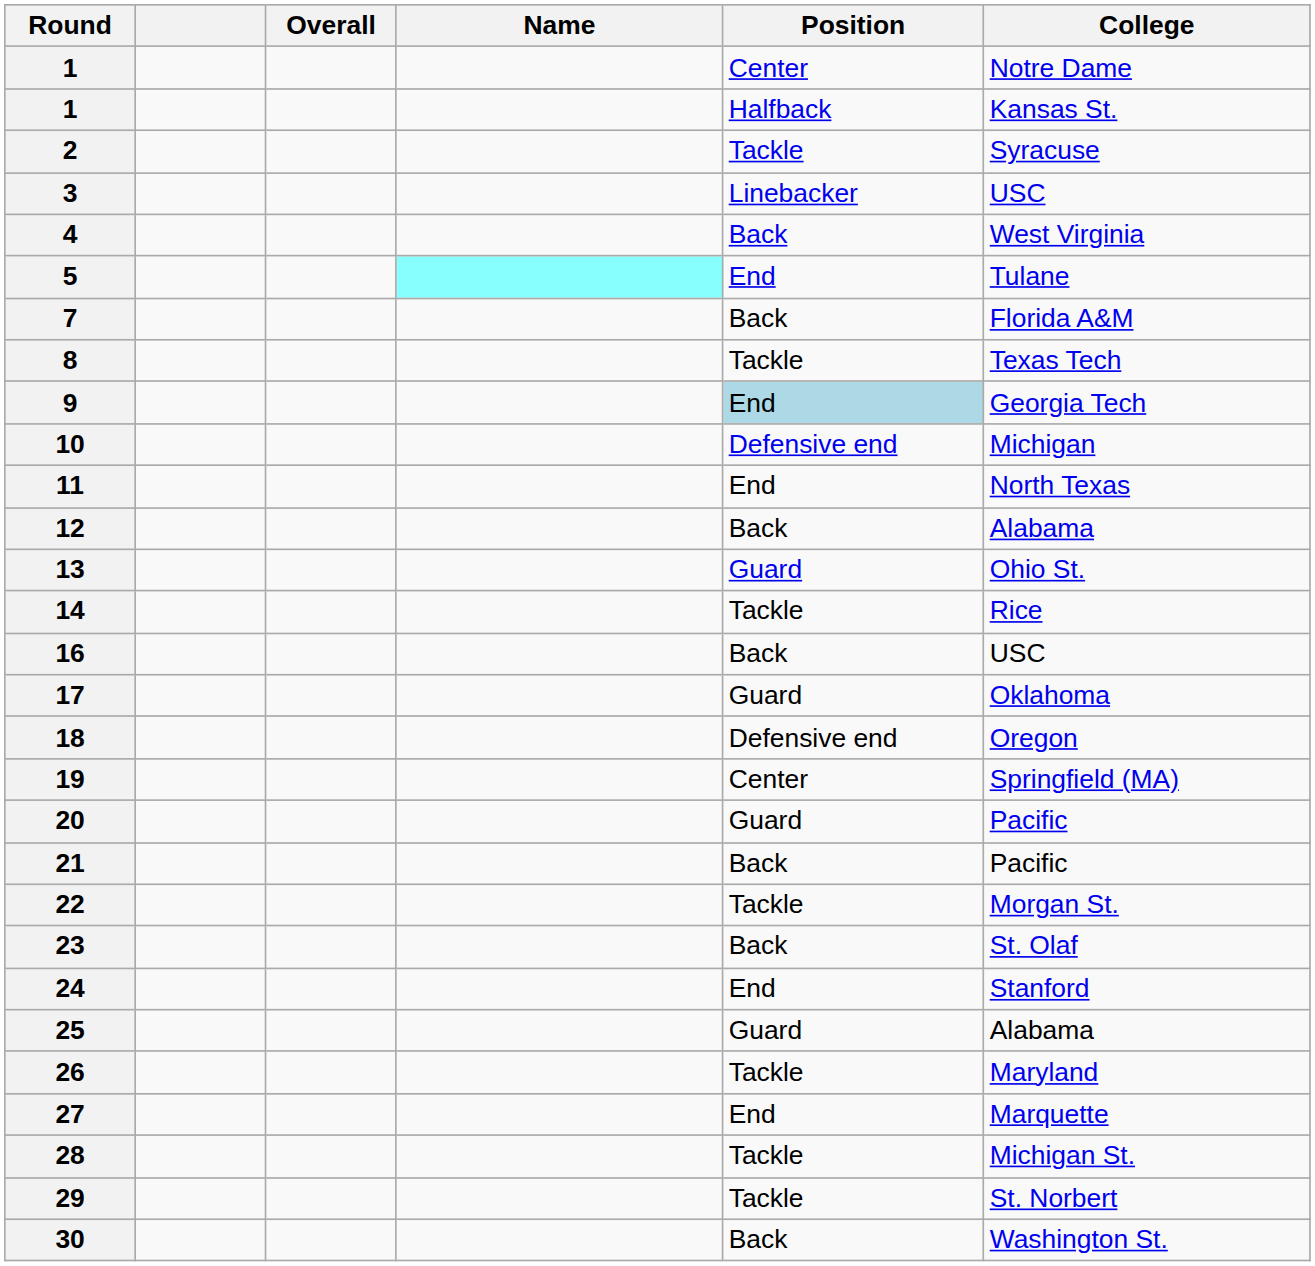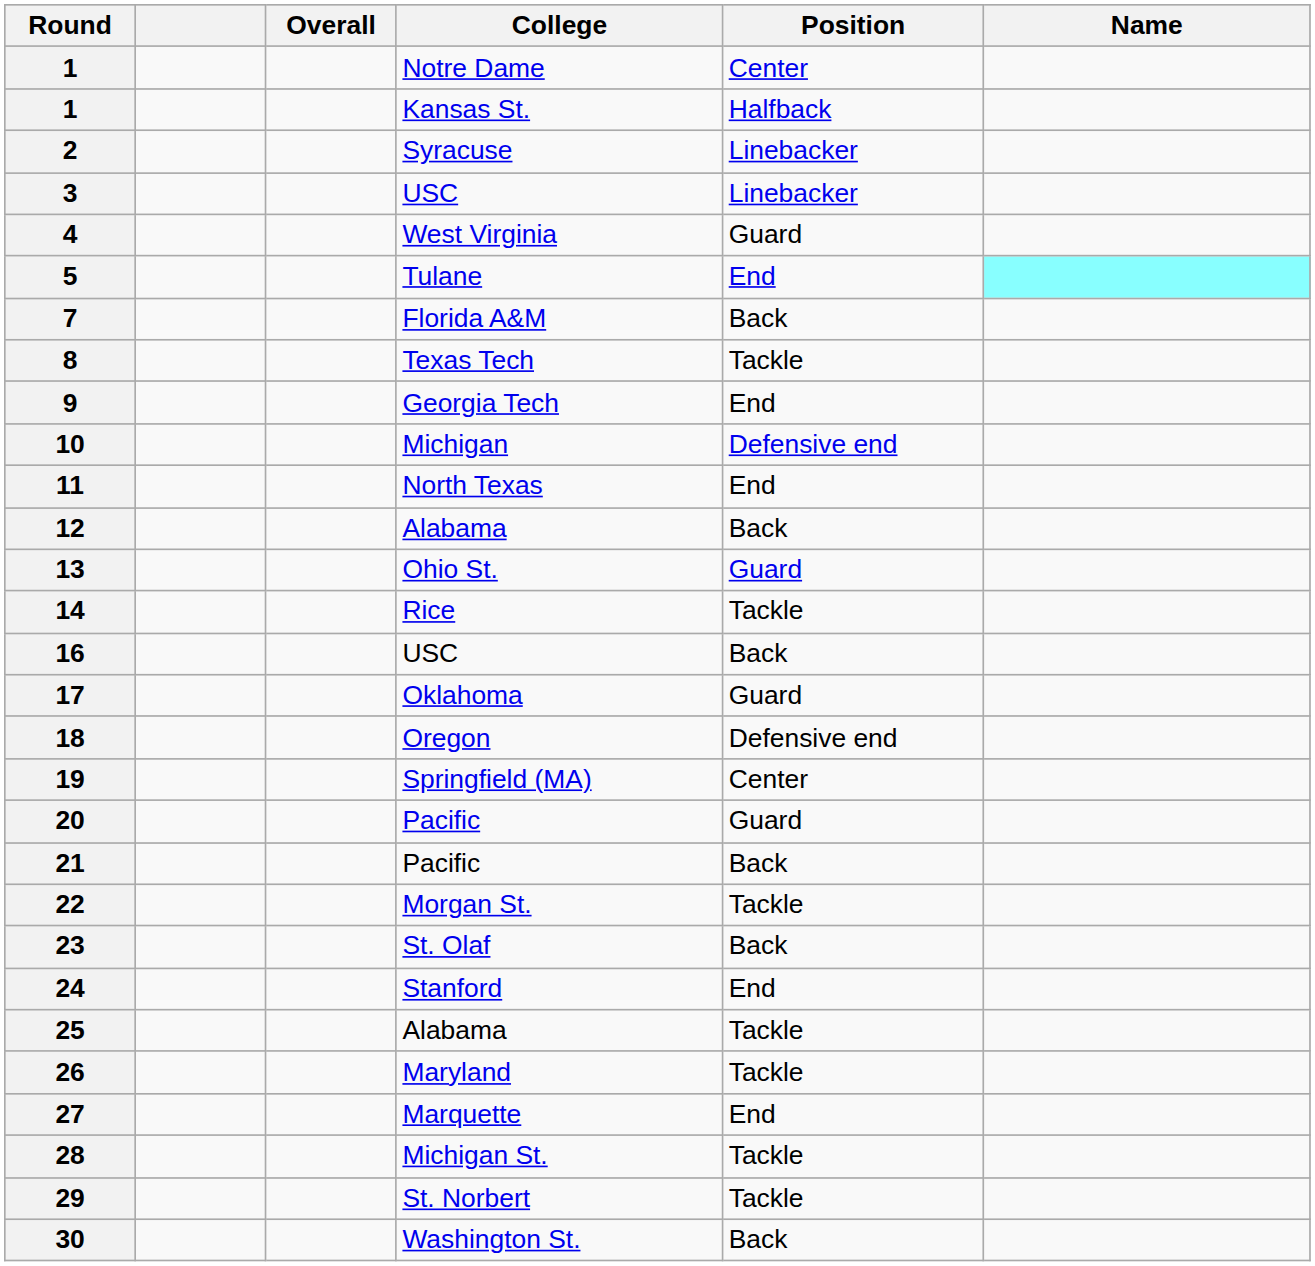 <table class="wikitable sortable" style="width: 50%;">
 <tr>
 <th scope="col" style="width: 10%;">Round</th>
 <th scope="col" style="width: 10%;"></th>
 <th scope="col" style="width: 10%;">Overall</th>
+<th scope="col" style="width: 25%;">College</th>
+<th scope="col" style="width: 20%;">Position</th>
 <th scope="col" style="width: 25%;">Name</th>
-<th scope="col" style="width: 20%;">Position</th>
-<th scope="col" style="width: 25%;">College</th>
 </tr>
 <tr>
 <th scope="row">1</th>
 <td></td>
 <td></td>
+<td><a href='#'>Notre Dame</a></td>
+<td><a href='#'>Center</a></td>
 <td></td>
-<td><a href='#'>Center</a></td>
-<td><a href='#'>Notre Dame</a></td>
 </tr>
 <tr>
 <th scope="row">1</th>
 <td></td>
 <td></td>
+<td><a href='#'>Kansas St.</a></td>
+<td><a href='#'>Halfback</a></td>
 <td></td>
-<td><a href='#'>Halfback</a></td>
-<td><a href='#'>Kansas St.</a></td>
 </tr>
 <tr>
 <th scope="row">2</th>
 <td></td>
 <td></td>
+<td><a href='#'>Syracuse</a></td>
+<td><a href='#'>Linebacker</a></td>
 <td></td>
-<td><a href='#'>Tackle</a></td>
-<td><a href='#'>Syracuse</a></td>
 </tr>
 <tr>
 <th scope="row">3</th>
 <td></td>
 <td></td>
+<td><a href='#'>USC</a></td>
+<td><a href='#'>Linebacker</a></td>
 <td></td>
-<td><a href='#'>Linebacker</a></td>
-<td><a href='#'>USC</a></td>
 </tr>
 <tr>
 <th scope="row">4</th>
 <td></td>
 <td></td>
+<td><a href='#'>West Virginia</a></td>
+<td>Guard</td>
 <td></td>
-<td><a href='#'>Back</a></td>
-<td><a href='#'>West Virginia</a></td>
 </tr>
 <tr>
 <th scope="row">5</th>
 <td></td>
 <td></td>
+<td><a href='#'>Tulane</a></td>
+<td><a href='#'>End</a></td>
 <td style="background:#88FFFF;"> <sup></sup></td>
-<td><a href='#'>End</a></td>
-<td><a href='#'>Tulane</a></td>
 </tr>
 <tr>
 <th scope="row">7</th>
 <td></td>
 <td></td>
+<td><a href='#'>Florida A&M</a></td>
+<td>Back</td>
 <td></td>
-<td>Back</td>
-<td><a href='#'>Florida A&M</a></td>
 </tr>
 <tr>
 <th scope="row">8</th>
 <td></td>
 <td></td>
+<td><a href='#'>Texas Tech</a></td>
+<td>Tackle</td>
 <td></td>
-<td>Tackle</td>
-<td><a href='#'>Texas Tech</a></td>
 </tr>
 <tr>
 <th scope="row">9</th>
 <td></td>
 <td></td>
+<td><a href='#'>Georgia Tech</a></td>
+<td>End</td>
 <td></td>
-<td style="background: lightblue;">End</td>
-<td><a href='#'>Georgia Tech</a></td>
 </tr>
 <tr>
 <th scope="row">10</th>
 <td></td>
 <td></td>
+<td><a href='#'>Michigan</a></td>
+<td><a href='#'>Defensive end</a></td>
 <td></td>
-<td><a href='#'>Defensive end</a></td>
-<td><a href='#'>Michigan</a></td>
 </tr>
 <tr>
 <th scope="row">11</th>
 <td></td>
 <td></td>
+<td><a href='#'>North Texas</a></td>
+<td>End</td>
 <td></td>
-<td>End</td>
-<td><a href='#'>North Texas</a></td>
 </tr>
 <tr>
 <th scope="row">12</th>
 <td></td>
 <td></td>
+<td><a href='#'>Alabama</a></td>
+<td>Back</td>
 <td></td>
-<td>Back</td>
-<td><a href='#'>Alabama</a></td>
 </tr>
 <tr>
 <th scope="row">13</th>
 <td></td>
 <td></td>
+<td><a href='#'>Ohio St.</a></td>
+<td><a href='#'>Guard</a></td>
 <td></td>
-<td><a href='#'>Guard</a></td>
-<td><a href='#'>Ohio St.</a></td>
 </tr>
 <tr>
 <th scope="row">14</th>
 <td></td>
 <td></td>
+<td><a href='#'>Rice</a></td>
+<td>Tackle</td>
 <td></td>
-<td>Tackle</td>
-<td><a href='#'>Rice</a></td>
 </tr>
 <tr>
 <th scope="row">16</th>
 <td></td>
 <td></td>
+<td>USC</td>
+<td>Back</td>
 <td></td>
-<td>Back</td>
-<td>USC</td>
 </tr>
 <tr>
 <th scope="row">17</th>
 <td></td>
 <td></td>
+<td><a href='#'>Oklahoma</a></td>
+<td>Guard</td>
 <td></td>
-<td>Guard</td>
-<td><a href='#'>Oklahoma</a></td>
 </tr>
 <tr>
 <th scope="row">18</th>
 <td></td>
 <td></td>
+<td><a href='#'>Oregon</a></td>
+<td>Defensive end</td>
 <td></td>
-<td>Defensive end</td>
-<td><a href='#'>Oregon</a></td>
 </tr>
 <tr>
 <th scope="row">19</th>
 <td></td>
 <td></td>
+<td><a href='#'>Springfield (MA)</a></td>
+<td>Center</td>
 <td></td>
-<td>Center</td>
-<td><a href='#'>Springfield (MA)</a></td>
 </tr>
 <tr>
 <th scope="row">20</th>
 <td></td>
 <td></td>
+<td><a href='#'>Pacific</a></td>
+<td>Guard</td>
 <td></td>
-<td>Guard</td>
-<td><a href='#'>Pacific</a></td>
 </tr>
 <tr>
 <th scope="row">21</th>
 <td></td>
 <td></td>
+<td>Pacific</td>
+<td>Back</td>
 <td></td>
-<td>Back</td>
-<td>Pacific</td>
 </tr>
 <tr>
 <th scope="row">22</th>
 <td></td>
 <td></td>
+<td><a href='#'>Morgan St.</a></td>
+<td>Tackle</td>
 <td></td>
-<td>Tackle</td>
-<td><a href='#'>Morgan St.</a></td>
 </tr>
 <tr>
 <th scope="row">23</th>
 <td></td>
 <td></td>
+<td><a href='#'>St. Olaf</a></td>
+<td>Back</td>
 <td></td>
-<td>Back</td>
-<td><a href='#'>St. Olaf</a></td>
 </tr>
 <tr>
 <th scope="row">24</th>
 <td></td>
 <td></td>
+<td><a href='#'>Stanford</a></td>
+<td>End</td>
 <td></td>
-<td>End</td>
-<td><a href='#'>Stanford</a></td>
 </tr>
 <tr>
 <th scope="row">25</th>
 <td></td>
 <td></td>
+<td>Alabama</td>
+<td>Tackle</td>
 <td></td>
-<td>Guard</td>
-<td>Alabama</td>
 </tr>
 <tr>
 <th scope="row">26</th>
 <td></td>
 <td></td>
+<td><a href='#'>Maryland</a></td>
+<td>Tackle</td>
 <td></td>
-<td>Tackle</td>
-<td><a href='#'>Maryland</a></td>
 </tr>
 <tr>
 <th scope="row">27</th>
 <td></td>
 <td></td>
+<td><a href='#'>Marquette</a></td>
+<td>End</td>
 <td></td>
-<td>End</td>
-<td><a href='#'>Marquette</a></td>
 </tr>
 <tr>
 <th scope="row">28</th>
 <td></td>
 <td></td>
+<td><a href='#'>Michigan St.</a></td>
+<td>Tackle</td>
 <td></td>
-<td>Tackle</td>
-<td><a href='#'>Michigan St.</a></td>
 </tr>
 <tr>
 <th scope="row">29</th>
 <td></td>
 <td></td>
+<td><a href='#'>St. Norbert</a></td>
+<td>Tackle</td>
 <td></td>
-<td>Tackle</td>
-<td><a href='#'>St. Norbert</a></td>
 </tr>
 <tr>
 <th scope="row">30</th>
 <td></td>
 <td></td>
+<td><a href='#'>Washington St.</a></td>
+<td>Back</td>
 <td></td>
-<td>Back</td>
-<td><a href='#'>Washington St.</a></td>
 </tr>
 </table>
